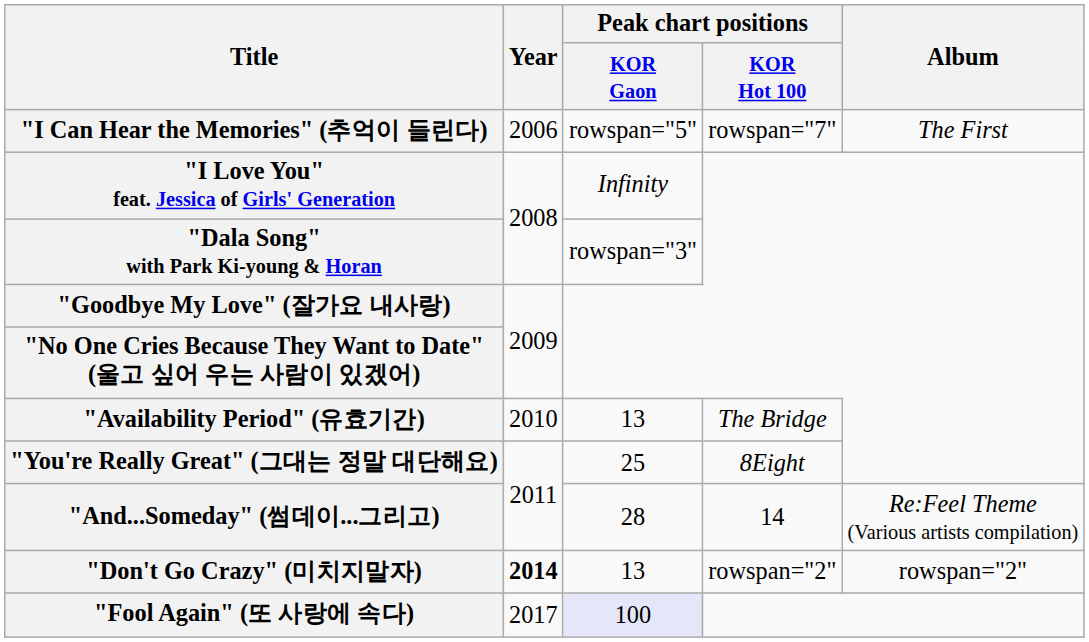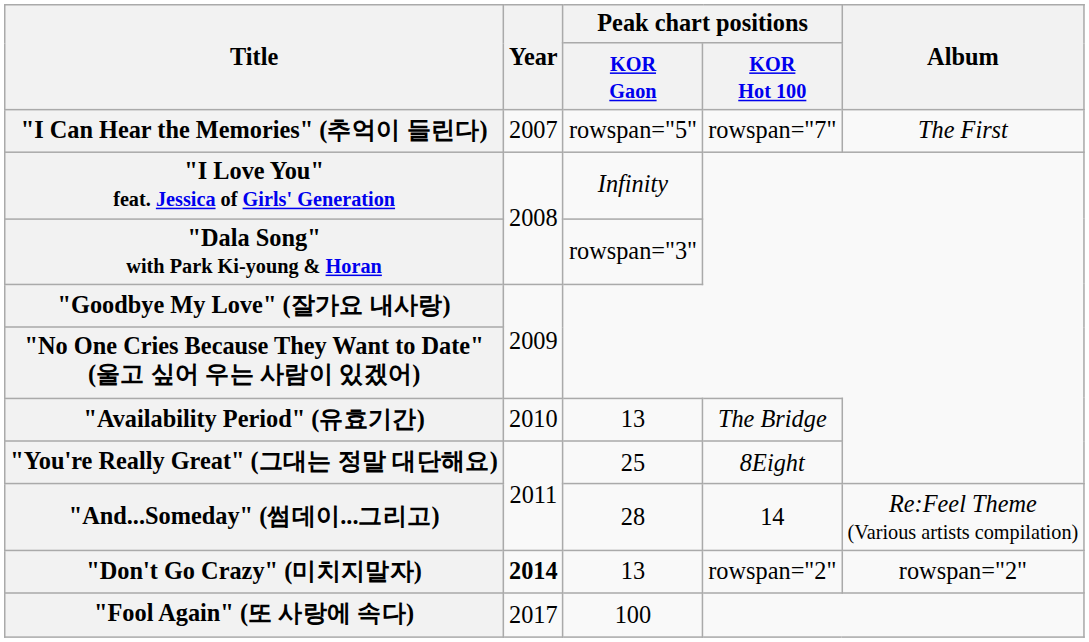 <table class="wikitable plainrowheaders" style="text-align:center;">
 <tr>
 <th rowspan="2" scope="col">Title</th>
 <th rowspan="2" scope="col">Year</th>
 <th colspan="2" scope="col" style="width:5em;">Peak chart positions</th>
 <th rowspan="2">Album</th>
 </tr>
 <tr>
 <th><small><a href='#'>KOR<br>Gaon</a></small><br></th>
 <th><small><a href='#'>KOR<br>Hot 100</a></small><br></th>
 </tr>
 <tr>
 <th scope="row">"I Can Hear the Memories" (추억이 들린다)</th>
-<td>2006</td>
+<td>2007</td>
 <td>rowspan="5" </td>
 <td>rowspan="7" </td>
 <td><em>The First</em></td>
 </tr>
 <tr>
 <th scope="row">"I Love You"<br><small>feat. <a href='#'>Jessica</a> of <a href='#'>Girls' Generation</a></small></th>
 <td rowspan="2">2008</td>
 <td><em>Infinity</em></td>
 </tr>
 <tr>
 <th scope="row">"Dala Song"<br><small>with Park Ki-young & <a href='#'>Horan</a></small></th>
 <td>rowspan="3" </td>
 </tr>
 <tr>
 <th scope="row">"Goodbye My Love" (잘가요 내사랑)</th>
 <td rowspan="2">2009</td>
 </tr>
 <tr>
 <th scope="row">"No One Cries Because They Want to Date"<br>(울고 싶어 우는 사람이 있겠어)</th>
 </tr>
 <tr>
 <th scope="row">"Availability Period" (유효기간)</th>
 <td>2010</td>
 <td>13</td>
 <td><em>The Bridge</em></td>
 </tr>
 <tr>
 <th scope="row">"You're Really Great" (그대는 정말 대단해요)</th>
 <td rowspan="2">2011</td>
 <td>25</td>
 <td><em>8Eight</em></td>
 </tr>
 <tr>
 <th scope="row">"And...Someday" (썸데이...그리고)</th>
 <td>28</td>
 <td>14</td>
 <td><em>Re:Feel Theme</em><br><small>(Various artists compilation)</small></td>
 </tr>
 <tr>
 <th scope="row">"Don't Go Crazy" (미치지말자)</th>
 <td><strong>2014</strong></td>
 <td>13</td>
 <td>rowspan="2" </td>
 <td>rowspan="2" </td>
 </tr>
 <tr>
 <th scope="row">"Fool Again" (또 사랑에 속다)</th>
 <td>2017</td>
-<td style="background: lavender;">100</td>
+<td>100</td>
 </tr>
 </table>
